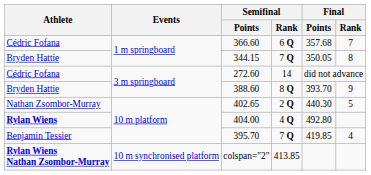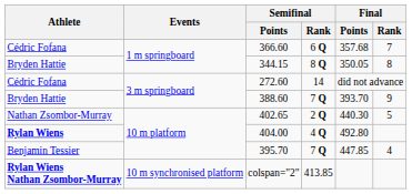 <table class=wikitable style="font-size:90%">
 <tr>
 <th rowspan="2">Athlete</th>
 <th rowspan="2">Events</th>
 <th colspan="2">Semifinal</th>
 <th colspan="2">Final</th>
 </tr>
 <tr>
 <th>Points</th>
 <th>Rank</th>
 <th>Points</th>
 <th>Rank</th>
 </tr>
 <tr align=center>
 <td align=left><a href='#'>Cédric Fofana</a></td>
 <td align=left rowspan=2><a href='#'>1 m springboard</a></td>
 <td>366.60</td>
 <td>6 <strong>Q</strong></td>
 <td>357.68</td>
 <td>7</td>
 </tr>
 <tr align=center>
 <td align=left><a href='#'>Bryden Hattie</a></td>
 <td>344.15</td>
-<td>7 <strong>Q</strong></td>
+<td>8 <strong>Q</strong></td>
 <td>350.05</td>
 <td>8</td>
 </tr>
 <tr align=center>
 <td align=left><a href='#'>Cédric Fofana</a></td>
 <td align=left rowspan=2><a href='#'>3 m springboard</a></td>
 <td>272.60</td>
 <td>14</td>
 <td colspan=2>did not advance</td>
 </tr>
 <tr align=center>
 <td align=left><a href='#'>Bryden Hattie</a></td>
 <td>388.60</td>
-<td>8 <strong>Q</strong></td>
+<td>7 <strong>Q</strong></td>
 <td>393.70</td>
 <td>9</td>
 </tr>
 <tr align=center>
 <td align=left><a href='#'>Nathan Zsombor-Murray</a></td>
 <td align=left rowspan=3><a href='#'>10 m platform</a></td>
 <td>402.65</td>
 <td>2 <strong>Q</strong></td>
 <td>440.30</td>
 <td>5</td>
 </tr>
 <tr align=center>
 <td align=left><strong><a href='#'>Rylan Wiens</a></strong></td>
 <td>404.00</td>
 <td>4 <strong>Q</strong></td>
 <td>492.80</td>
 <td></td>
 </tr>
 <tr align=center>
 <td align=left><a href='#'>Benjamin Tessier</a></td>
 <td>395.70</td>
 <td>7 <strong>Q</strong></td>
-<td>419.85</td>
+<td>447.85</td>
 <td>4</td>
 </tr>
 <tr align=center>
 <td align=left><strong><a href='#'>Rylan Wiens</a></strong><br><strong><a href='#'>Nathan Zsombor-Murray</a></strong></td>
 <td align=left><a href='#'>10 m synchronised platform</a></td>
 <td>colspan="2" </td>
 <td>413.85</td>
 <td></td>
 </tr>
 </table>
